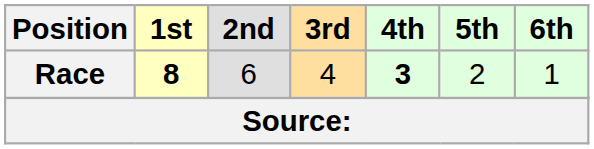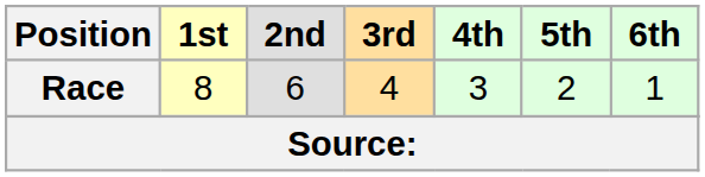 <table class="wikitable" style="font-size: 85%; text-align:center">
 <tr>
 <th>Position</th>
 <th style="background-color:#ffffbf"> 1st </th>
 <th style="background-color:#dfdfdf"> 2nd </th>
 <th style="background-color:#ffdf9f"> 3rd </th>
 <th style="background-color:#dfffdf"> 4th </th>
 <th style="background-color:#dfffdf"> 5th </th>
 <th style="background-color:#dfffdf"> 6th </th>
 </tr>
 <tr>
 <th>Race</th>
-<td style="background-color:#ffffbf"><strong>8</strong></td>
+<td style="background-color:#ffffbf">8</td>
 <td style="background-color:#dfdfdf">6</td>
 <td style="background-color:#ffdf9f">4</td>
-<td style="background-color:#dfffdf"><strong>3</strong></td>
+<td style="background-color:#dfffdf">3</td>
 <td style="background-color:#dfffdf">2</td>
 <td style="background-color:#dfffdf">1</td>
 </tr>
 <tr>
 </tr>
 <tr class="sortbottom">
 <th colspan="7">Source:</th>
 </tr>
 </table>
